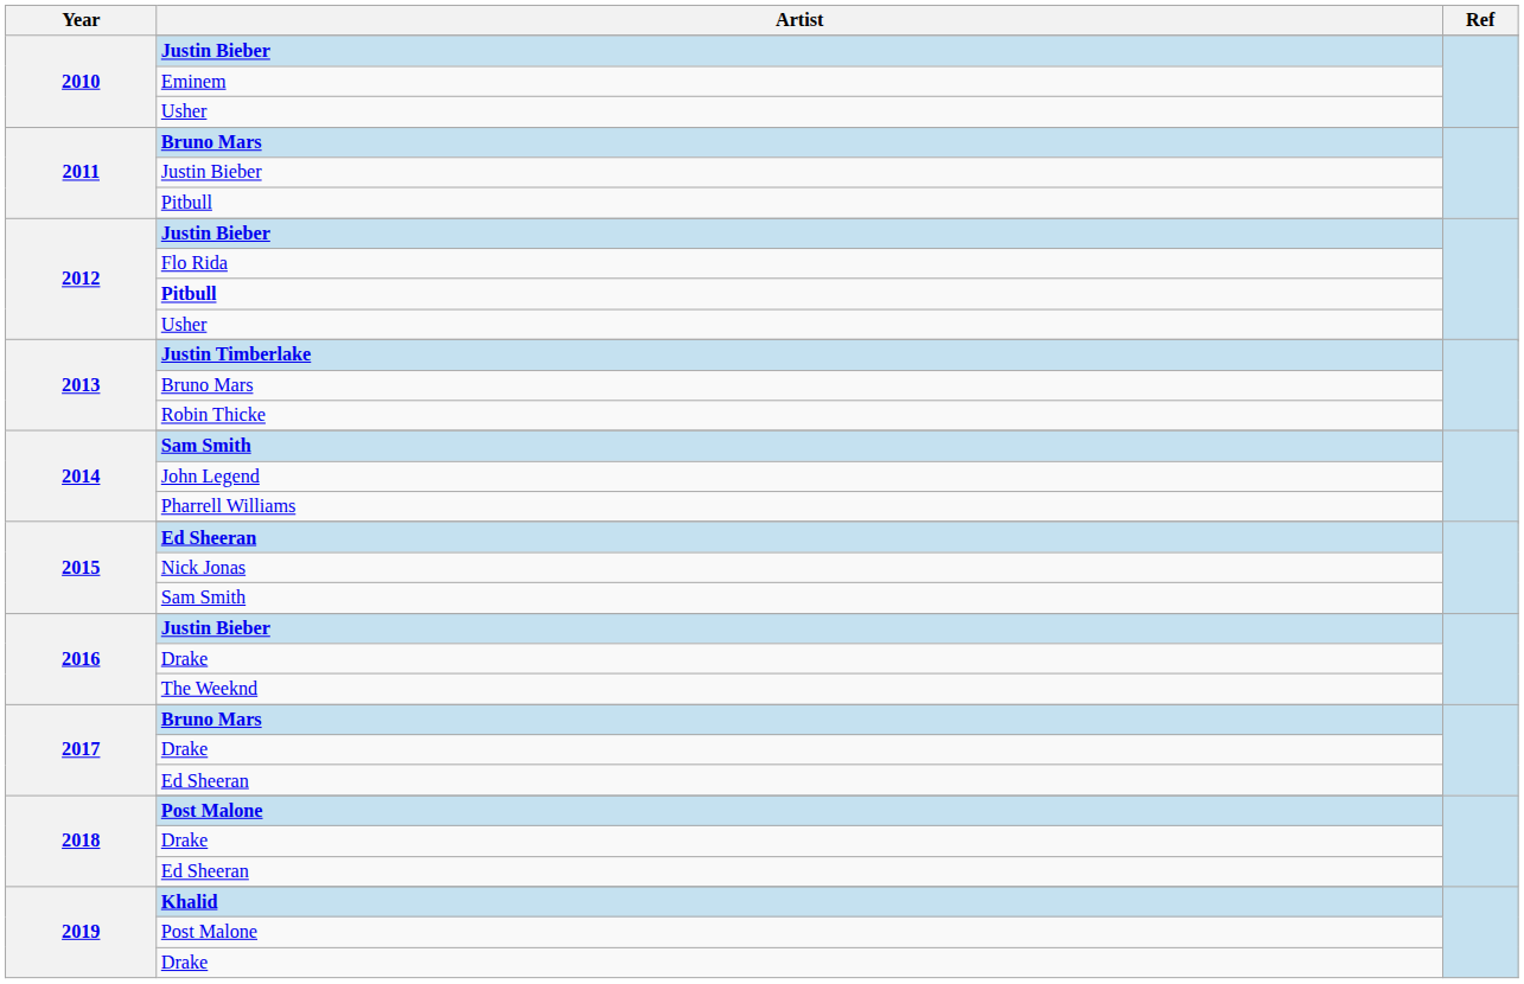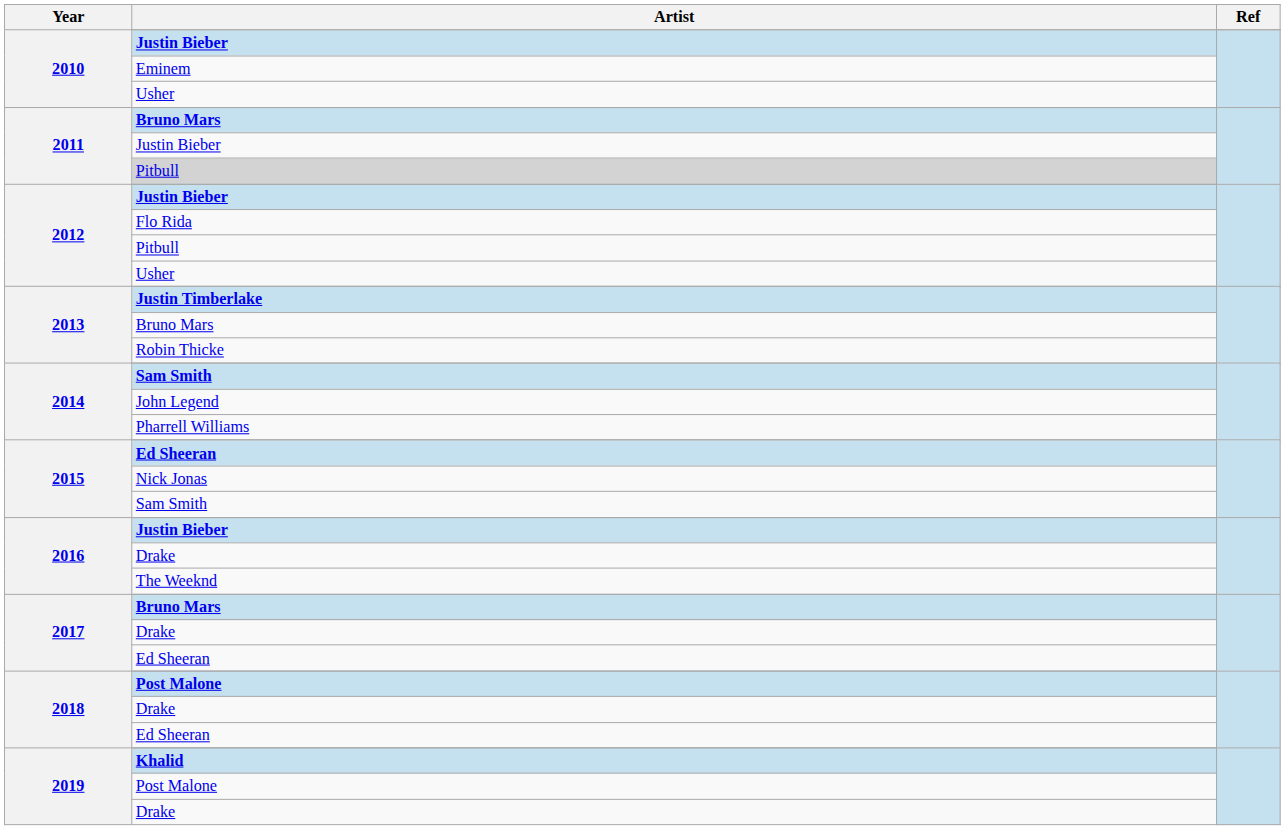 <table class="wikitable" width="100%">
 <tr>
 <th width="10%">Year</th>
 <th width="85%">Artist</th>
 <th width="5%">Ref</th>
 </tr>
 <tr>
 <th rowspan="4" align="center"><a href='#'>2010<br></a></th>
 </tr>
 <tr style="background:#c5e1f0">
 <td><strong><a href='#'>Justin Bieber</a></strong></td>
 <td rowspan="4" align="center"></td>
 </tr>
 <tr>
 <td><a href='#'>Eminem</a></td>
 </tr>
 <tr>
 <td><a href='#'>Usher</a></td>
 </tr>
 <tr>
 <th rowspan="4" align="center"><a href='#'>2011<br></a></th>
 </tr>
 <tr style="background:#c5e1f0">
 <td><strong><a href='#'>Bruno Mars</a></strong></td>
 <td rowspan="4" align="center"></td>
 </tr>
 <tr>
 <td><a href='#'>Justin Bieber</a></td>
 </tr>
 <tr>
-<td><a href='#'>Pitbull</a></td>
+<td style="background: lightgrey;"><a href='#'>Pitbull</a></td>
 </tr>
 <tr>
 <th rowspan="5" align="center"><a href='#'>2012<br></a></th>
 </tr>
 <tr style="background:#c5e1f0">
 <td><strong><a href='#'>Justin Bieber</a></strong></td>
 <td rowspan="5" align="center"></td>
 </tr>
 <tr>
 <td><a href='#'>Flo Rida</a></td>
 </tr>
 <tr>
-<td><strong><a href='#'>Pitbull</a></strong></td>
+<td><a href='#'>Pitbull</a></td>
 </tr>
 <tr>
 <td><a href='#'>Usher</a></td>
 </tr>
 <tr>
 <th rowspan="4" align="center"><a href='#'>2013<br></a></th>
 </tr>
 <tr style="background:#c5e1f0">
 <td><strong><a href='#'>Justin Timberlake</a></strong></td>
 <td rowspan="4" align="center"></td>
 </tr>
 <tr>
 <td><a href='#'>Bruno Mars</a></td>
 </tr>
 <tr>
 <td><a href='#'>Robin Thicke</a></td>
 </tr>
 <tr>
 <th rowspan="4" align="center"><a href='#'>2014<br></a></th>
 </tr>
 <tr style="background:#c5e1f0">
 <td><strong><a href='#'>Sam Smith</a></strong></td>
 <td rowspan="4" align="center"></td>
 </tr>
 <tr>
 <td><a href='#'>John Legend</a></td>
 </tr>
 <tr>
 <td><a href='#'>Pharrell Williams</a></td>
 </tr>
 <tr>
 <th rowspan="4" align="center"><a href='#'>2015<br></a></th>
 </tr>
 <tr style="background:#c5e1f0">
 <td><strong><a href='#'>Ed Sheeran</a></strong></td>
 <td rowspan="4" align="center"></td>
 </tr>
 <tr>
 <td><a href='#'>Nick Jonas</a></td>
 </tr>
 <tr>
 <td><a href='#'>Sam Smith</a></td>
 </tr>
 <tr>
 <th rowspan="4" align="center"><a href='#'>2016<br></a></th>
 </tr>
 <tr style="background:#c5e1f0">
 <td><strong><a href='#'>Justin Bieber</a></strong></td>
 <td rowspan="4" align="center"></td>
 </tr>
 <tr>
 <td><a href='#'>Drake</a></td>
 </tr>
 <tr>
 <td><a href='#'>The Weeknd</a></td>
 </tr>
 <tr>
 <th rowspan="4" align="center"><a href='#'>2017<br></a></th>
 </tr>
 <tr style="background:#c5e1f0">
 <td><strong><a href='#'>Bruno Mars</a></strong></td>
 <td rowspan="4" align="center"></td>
 </tr>
 <tr>
 <td><a href='#'>Drake</a></td>
 </tr>
 <tr>
 <td><a href='#'>Ed Sheeran</a></td>
 </tr>
 <tr>
 <th rowspan="4" align="center"><a href='#'>2018<br></a></th>
 </tr>
 <tr style="background:#c5e1f0">
 <td><strong><a href='#'>Post Malone</a></strong></td>
 <td rowspan="4" align="center"></td>
 </tr>
 <tr>
 <td><a href='#'>Drake</a></td>
 </tr>
 <tr>
 <td><a href='#'>Ed Sheeran</a></td>
 </tr>
 <tr>
 <th rowspan="4" align="center"><a href='#'>2019<br></a></th>
 </tr>
 <tr style="background:#c5e1f0">
 <td><strong><a href='#'>Khalid</a></strong></td>
 <td rowspan="4" align="center"></td>
 </tr>
 <tr>
 <td><a href='#'>Post Malone</a></td>
 </tr>
 <tr>
 <td><a href='#'>Drake</a></td>
 </tr>
 </table>
